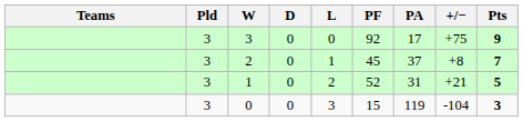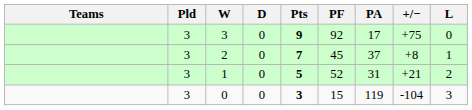 <table class="wikitable" style="text-align: center;">
 <tr>
 <th style="width:200px;">Teams</th>
 <th width="40">Pld</th>
 <th width="40">W</th>
 <th width="40">D</th>
-<th width="40">L</th>
+<th width="40">Pts</th>
 <th width="40">PF</th>
 <th width="40">PA</th>
 <th width="40">+/−</th>
-<th width="40">Pts</th>
+<th width="40">L</th>
 </tr>
 <tr bgcolor=ccffcc>
 <td align=left></td>
 <td>3</td>
 <td>3</td>
 <td>0</td>
-<td>0</td>
+<td><strong>9</strong></td>
 <td>92</td>
 <td>17</td>
 <td>+75</td>
-<td><strong>9</strong></td>
+<td>0</td>
 </tr>
 <tr bgcolor=ccffcc>
 <td align=left></td>
 <td>3</td>
 <td>2</td>
 <td>0</td>
-<td>1</td>
+<td><strong>7</strong></td>
 <td>45</td>
 <td>37</td>
 <td>+8</td>
-<td><strong>7</strong></td>
+<td>1</td>
 </tr>
 <tr bgcolor=ccffcc>
 <td align=left></td>
 <td>3</td>
 <td>1</td>
 <td>0</td>
-<td>2</td>
+<td><strong>5</strong></td>
 <td>52</td>
 <td>31</td>
 <td>+21</td>
-<td><strong>5</strong></td>
+<td>2</td>
 </tr>
 <tr>
 <td align=left></td>
 <td>3</td>
 <td>0</td>
 <td>0</td>
-<td>3</td>
+<td><strong>3</strong></td>
 <td>15</td>
 <td>119</td>
 <td>-104</td>
-<td><strong>3</strong></td>
+<td>3</td>
 </tr>
 </table>
